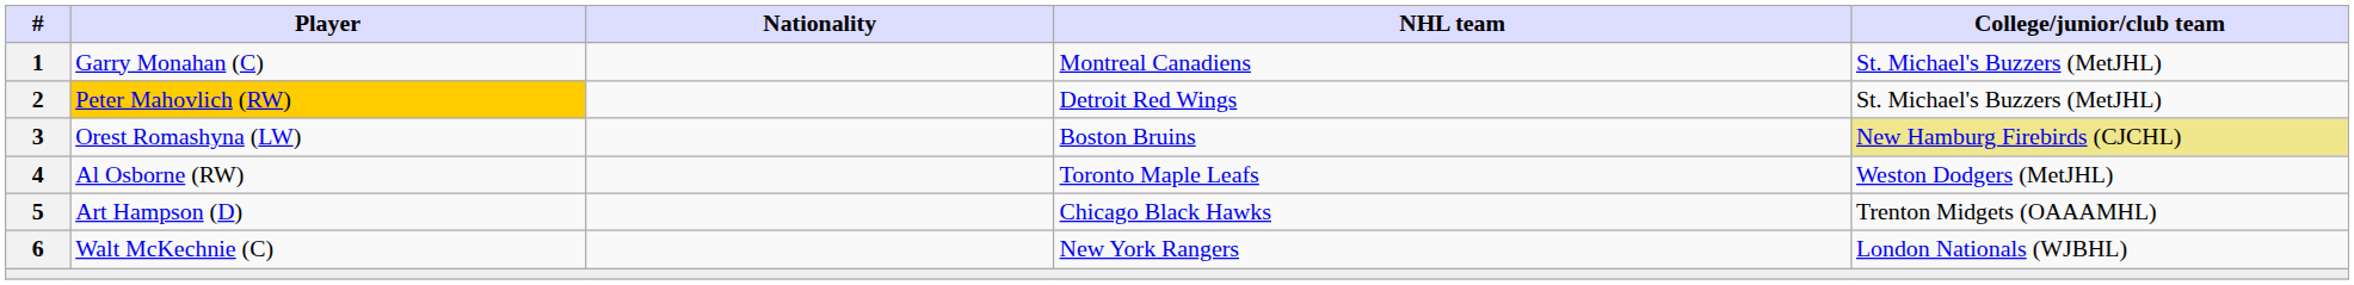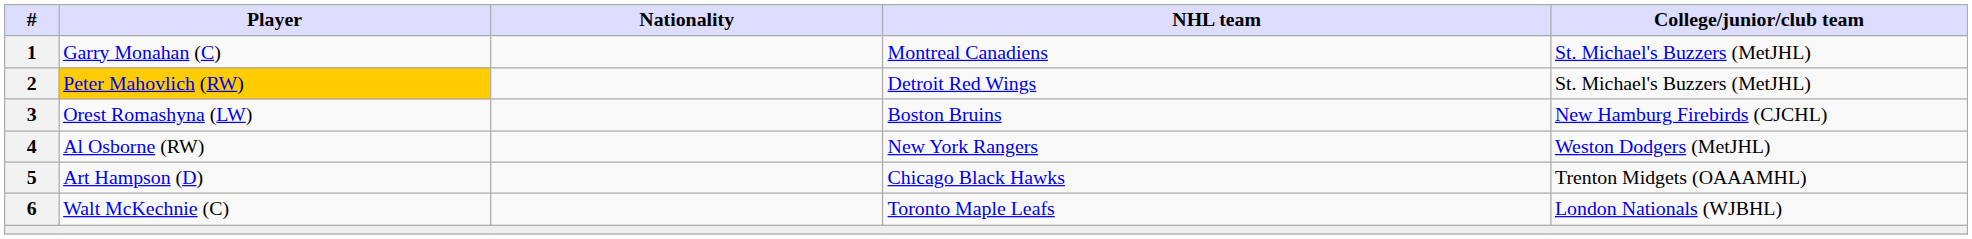 <table class="wikitable" style="width: 100%">
 <tr>
 <th style="background:#ddf; width:2.75%;">#</th>
 <th style="background:#ddf; width:22.0%;">Player</th>
 <th style="background:#ddf; width:20.0%;">Nationality</th>
 <th style="background:#ddf; width:34.0%;">NHL team</th>
 <th style="background:#ddf; width:100.0%;">College/junior/club team</th>
 </tr>
 <tr>
 <th>1</th>
 <td><a href='#'>Garry Monahan</a> (<a href='#'>C</a>)</td>
 <td></td>
 <td><a href='#'>Montreal Canadiens</a></td>
 <td><a href='#'>St. Michael's Buzzers</a> (MetJHL)</td>
 </tr>
 <tr>
 <th>2</th>
 <td bgcolor="#FFCC00"><a href='#'>Peter Mahovlich</a> (<a href='#'>RW</a>)</td>
 <td></td>
 <td><a href='#'>Detroit Red Wings</a></td>
 <td>St. Michael's Buzzers (MetJHL)</td>
 </tr>
 <tr>
 <th>3</th>
 <td><a href='#'>Orest Romashyna</a> (<a href='#'>LW</a>)</td>
 <td></td>
 <td><a href='#'>Boston Bruins</a></td>
-<td style="background: khaki;"><a href='#'>New Hamburg Firebirds</a> (CJCHL)</td>
+<td><a href='#'>New Hamburg Firebirds</a> (CJCHL)</td>
 </tr>
 <tr>
 <th>4</th>
 <td><a href='#'>Al Osborne</a> (RW)</td>
 <td></td>
-<td><a href='#'>Toronto Maple Leafs</a></td>
+<td><a href='#'>New York Rangers</a></td>
 <td><a href='#'>Weston Dodgers</a> (MetJHL)</td>
 </tr>
 <tr>
 <th>5</th>
 <td><a href='#'>Art Hampson</a> (<a href='#'>D</a>)</td>
 <td></td>
 <td><a href='#'>Chicago Black Hawks</a></td>
 <td>Trenton Midgets (OAAAMHL)</td>
 </tr>
 <tr>
 <th>6</th>
 <td><a href='#'>Walt McKechnie</a> (C)</td>
 <td></td>
-<td><a href='#'>New York Rangers</a></td>
+<td><a href='#'>Toronto Maple Leafs</a></td>
 <td><a href='#'>London Nationals</a> (WJBHL)</td>
 </tr>
 <tr>
 <td align=center colspan="6" bgcolor="#efefef"></td>
 </tr>
 </table>
